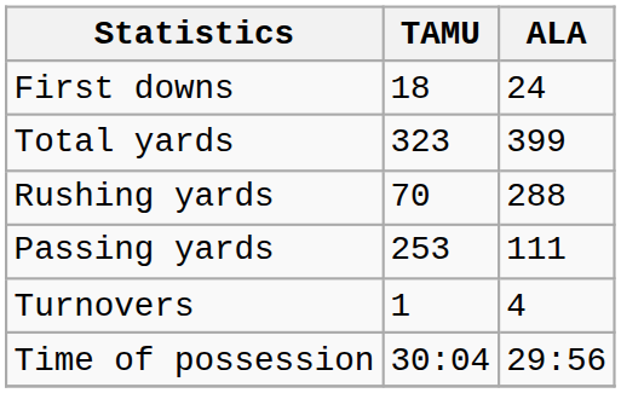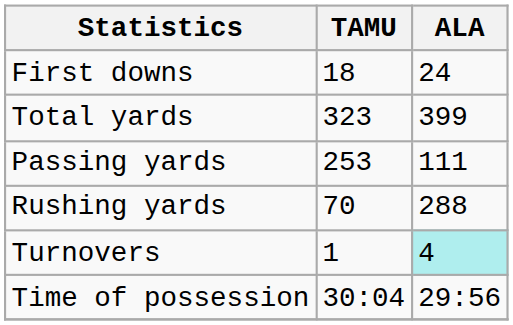 <table class="wikitable" style="float: left;">
 <tr>
 <th>Statistics</th>
 <th>TAMU</th>
 <th>ALA</th>
 </tr>
 <tr>
 <td>First downs</td>
 <td>18</td>
 <td>24</td>
 </tr>
 <tr>
 <td>Total yards</td>
 <td>323</td>
 <td>399</td>
 </tr>
 <tr>
+<td>Passing yards</td>
+<td>253</td>
+<td>111</td>
+</tr>
+<tr>
 <td>Rushing yards</td>
 <td>70</td>
 <td>288</td>
 </tr>
 <tr>
-<td>Passing yards</td>
-<td>253</td>
-<td>111</td>
-</tr>
-<tr>
 <td>Turnovers</td>
 <td>1</td>
-<td>4</td>
+<td style="background: paleturquoise;">4</td>
 </tr>
 <tr>
 <td>Time of possession</td>
 <td>30:04</td>
 <td>29:56</td>
 </tr>
 <tr>
 </tr>
 </table>
